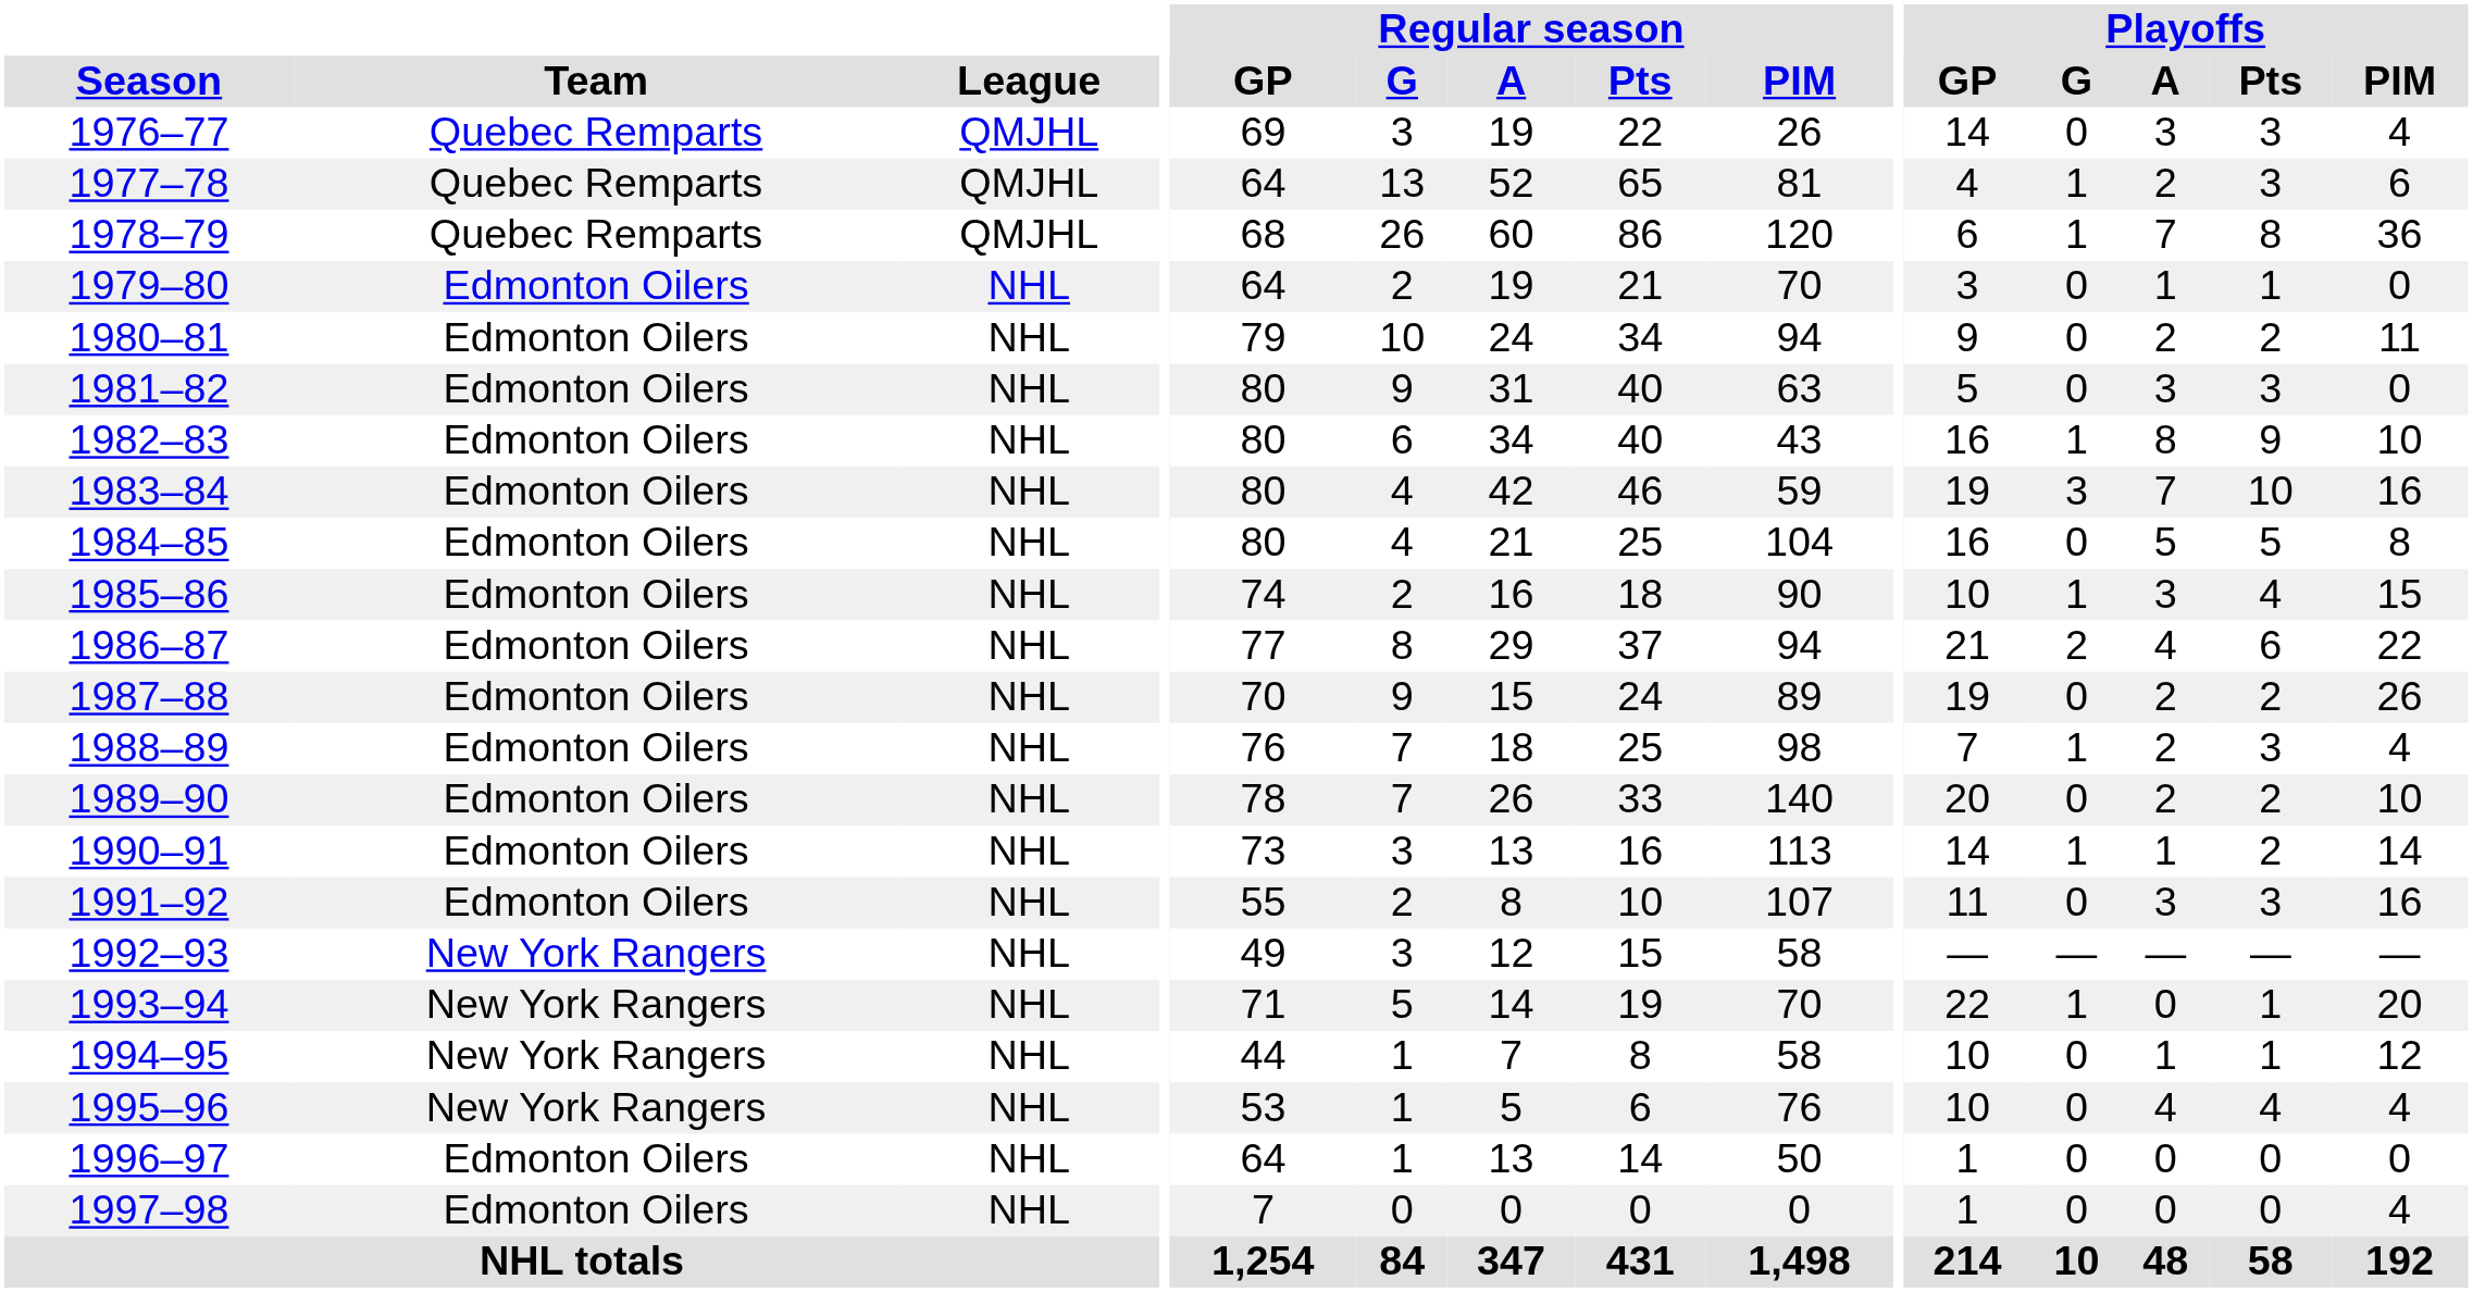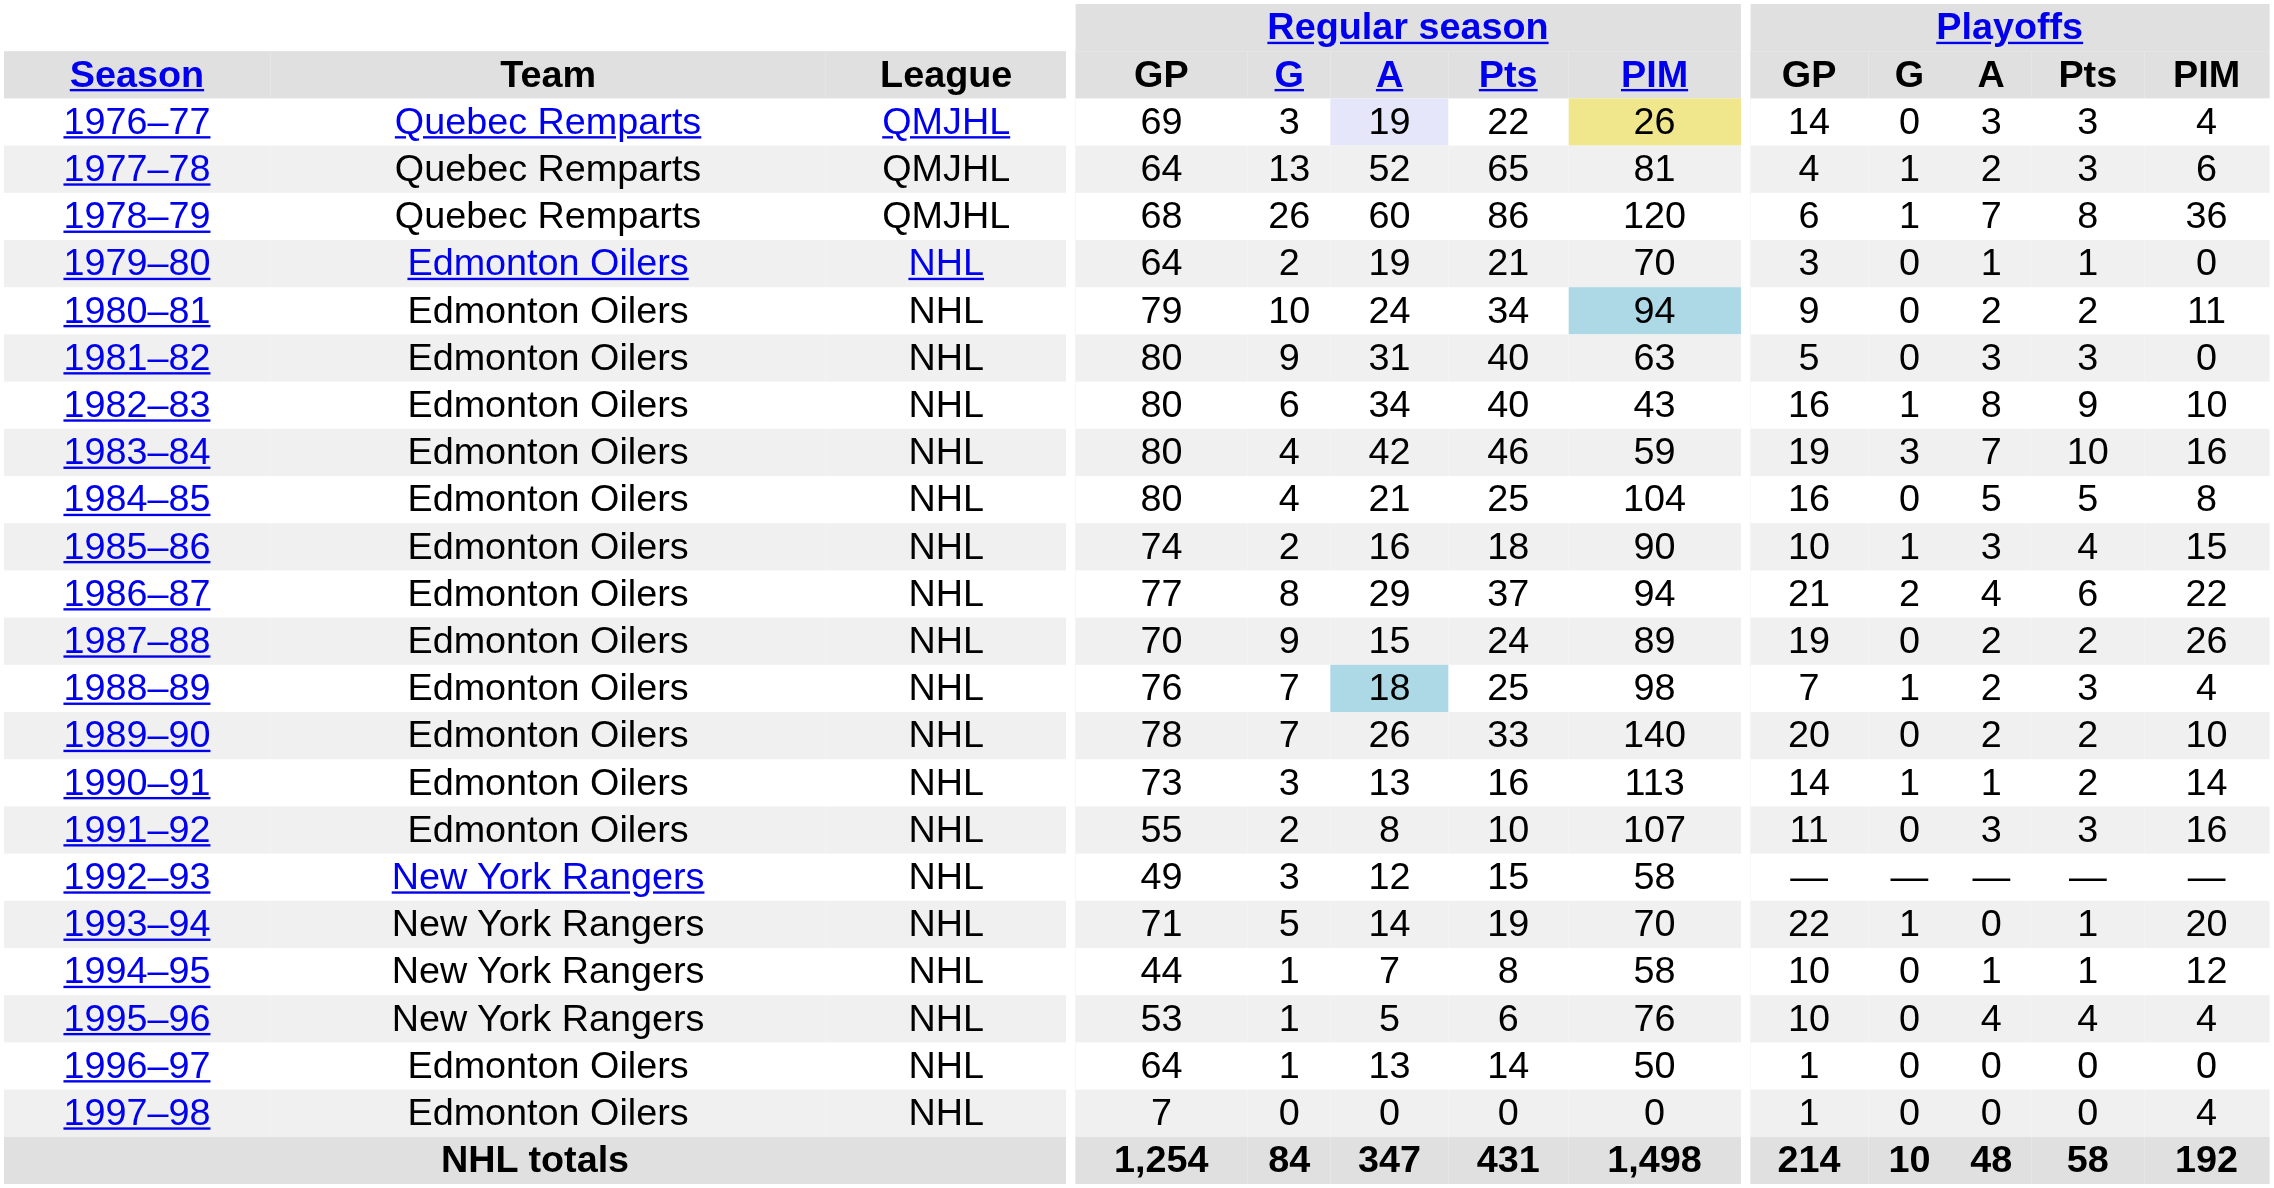 <table border="0" cellpadding="1" cellspacing="0" style="text-align:center; width:60em">
 <tr bgcolor="#e0e0e0">
 <th colspan="3" bgcolor="#ffffff"></th>
 <th rowspan="100" bgcolor="#ffffff"></th>
 <th colspan="5"><a href='#'>Regular season</a></th>
 <th rowspan="100" bgcolor="#ffffff"></th>
 <th colspan="5"><a href='#'>Playoffs</a></th>
 </tr>
 <tr bgcolor="#e0e0e0">
 <th><a href='#'>Season</a></th>
 <th>Team</th>
 <th>League</th>
 <th>GP</th>
 <th><a href='#'>G</a></th>
 <th><a href='#'>A</a></th>
 <th><a href='#'>Pts</a></th>
 <th><a href='#'>PIM</a></th>
 <th>GP</th>
 <th>G</th>
 <th>A</th>
 <th>Pts</th>
 <th>PIM</th>
 </tr>
 <tr>
 <td><a href='#'>1976–77</a></td>
 <td><a href='#'>Quebec Remparts</a></td>
 <td><a href='#'>QMJHL</a></td>
 <td>69</td>
 <td>3</td>
-<td>19</td>
+<td style="background: lavender;">19</td>
 <td>22</td>
-<td>26</td>
+<td style="background: khaki;">26</td>
 <td>14</td>
 <td>0</td>
 <td>3</td>
 <td>3</td>
 <td>4</td>
 </tr>
 <tr bgcolor="#f0f0f0">
 <td><a href='#'>1977–78</a></td>
 <td>Quebec Remparts</td>
 <td>QMJHL</td>
 <td>64</td>
 <td>13</td>
 <td>52</td>
 <td>65</td>
 <td>81</td>
 <td>4</td>
 <td>1</td>
 <td>2</td>
 <td>3</td>
 <td>6</td>
 </tr>
 <tr>
 <td><a href='#'>1978–79</a></td>
 <td>Quebec Remparts</td>
 <td>QMJHL</td>
 <td>68</td>
 <td>26</td>
 <td>60</td>
 <td>86</td>
 <td>120</td>
 <td>6</td>
 <td>1</td>
 <td>7</td>
 <td>8</td>
 <td>36</td>
 </tr>
 <tr bgcolor="#f0f0f0">
 <td><a href='#'>1979–80</a></td>
 <td><a href='#'>Edmonton Oilers</a></td>
 <td><a href='#'>NHL</a></td>
 <td>64</td>
 <td>2</td>
 <td>19</td>
 <td>21</td>
 <td>70</td>
 <td>3</td>
 <td>0</td>
 <td>1</td>
 <td>1</td>
 <td>0</td>
 </tr>
 <tr>
 <td><a href='#'>1980–81</a></td>
 <td>Edmonton Oilers</td>
 <td>NHL</td>
 <td>79</td>
 <td>10</td>
 <td>24</td>
 <td>34</td>
-<td>94</td>
+<td style="background: lightblue;">94</td>
 <td>9</td>
 <td>0</td>
 <td>2</td>
 <td>2</td>
 <td>11</td>
 </tr>
 <tr bgcolor="#f0f0f0">
 <td><a href='#'>1981–82</a></td>
 <td>Edmonton Oilers</td>
 <td>NHL</td>
 <td>80</td>
 <td>9</td>
 <td>31</td>
 <td>40</td>
 <td>63</td>
 <td>5</td>
 <td>0</td>
 <td>3</td>
 <td>3</td>
 <td>0</td>
 </tr>
 <tr>
 <td><a href='#'>1982–83</a></td>
 <td>Edmonton Oilers</td>
 <td>NHL</td>
 <td>80</td>
 <td>6</td>
 <td>34</td>
 <td>40</td>
 <td>43</td>
 <td>16</td>
 <td>1</td>
 <td>8</td>
 <td>9</td>
 <td>10</td>
 </tr>
 <tr bgcolor="#f0f0f0">
 <td><a href='#'>1983–84</a></td>
 <td>Edmonton Oilers</td>
 <td>NHL</td>
 <td>80</td>
 <td>4</td>
 <td>42</td>
 <td>46</td>
 <td>59</td>
 <td>19</td>
 <td>3</td>
 <td>7</td>
 <td>10</td>
 <td>16</td>
 </tr>
 <tr>
 <td><a href='#'>1984–85</a></td>
 <td>Edmonton Oilers</td>
 <td>NHL</td>
 <td>80</td>
 <td>4</td>
 <td>21</td>
 <td>25</td>
 <td>104</td>
 <td>16</td>
 <td>0</td>
 <td>5</td>
 <td>5</td>
 <td>8</td>
 </tr>
 <tr bgcolor="#f0f0f0">
 <td><a href='#'>1985–86</a></td>
 <td>Edmonton Oilers</td>
 <td>NHL</td>
 <td>74</td>
 <td>2</td>
 <td>16</td>
 <td>18</td>
 <td>90</td>
 <td>10</td>
 <td>1</td>
 <td>3</td>
 <td>4</td>
 <td>15</td>
 </tr>
 <tr>
 <td><a href='#'>1986–87</a></td>
 <td>Edmonton Oilers</td>
 <td>NHL</td>
 <td>77</td>
 <td>8</td>
 <td>29</td>
 <td>37</td>
 <td>94</td>
 <td>21</td>
 <td>2</td>
 <td>4</td>
 <td>6</td>
 <td>22</td>
 </tr>
 <tr bgcolor="#f0f0f0">
 <td><a href='#'>1987–88</a></td>
 <td>Edmonton Oilers</td>
 <td>NHL</td>
 <td>70</td>
 <td>9</td>
 <td>15</td>
 <td>24</td>
 <td>89</td>
 <td>19</td>
 <td>0</td>
 <td>2</td>
 <td>2</td>
 <td>26</td>
 </tr>
 <tr>
 <td><a href='#'>1988–89</a></td>
 <td>Edmonton Oilers</td>
 <td>NHL</td>
 <td>76</td>
 <td>7</td>
-<td>18</td>
+<td style="background: lightblue;">18</td>
 <td>25</td>
 <td>98</td>
 <td>7</td>
 <td>1</td>
 <td>2</td>
 <td>3</td>
 <td>4</td>
 </tr>
 <tr bgcolor="#f0f0f0">
 <td><a href='#'>1989–90</a></td>
 <td>Edmonton Oilers</td>
 <td>NHL</td>
 <td>78</td>
 <td>7</td>
 <td>26</td>
 <td>33</td>
 <td>140</td>
 <td>20</td>
 <td>0</td>
 <td>2</td>
 <td>2</td>
 <td>10</td>
 </tr>
 <tr>
 <td><a href='#'>1990–91</a></td>
 <td>Edmonton Oilers</td>
 <td>NHL</td>
 <td>73</td>
 <td>3</td>
 <td>13</td>
 <td>16</td>
 <td>113</td>
 <td>14</td>
 <td>1</td>
 <td>1</td>
 <td>2</td>
 <td>14</td>
 </tr>
 <tr bgcolor="#f0f0f0">
 <td><a href='#'>1991–92</a></td>
 <td>Edmonton Oilers</td>
 <td>NHL</td>
 <td>55</td>
 <td>2</td>
 <td>8</td>
 <td>10</td>
 <td>107</td>
 <td>11</td>
 <td>0</td>
 <td>3</td>
 <td>3</td>
 <td>16</td>
 </tr>
 <tr>
 <td><a href='#'>1992–93</a></td>
 <td><a href='#'>New York Rangers</a></td>
 <td>NHL</td>
 <td>49</td>
 <td>3</td>
 <td>12</td>
 <td>15</td>
 <td>58</td>
 <td>—</td>
 <td>—</td>
 <td>—</td>
 <td>—</td>
 <td>—</td>
 </tr>
 <tr bgcolor="#f0f0f0">
 <td><a href='#'>1993–94</a></td>
 <td>New York Rangers</td>
 <td>NHL</td>
 <td>71</td>
 <td>5</td>
 <td>14</td>
 <td>19</td>
 <td>70</td>
 <td>22</td>
 <td>1</td>
 <td>0</td>
 <td>1</td>
 <td>20</td>
 </tr>
 <tr>
 <td><a href='#'>1994–95</a></td>
 <td>New York Rangers</td>
 <td>NHL</td>
 <td>44</td>
 <td>1</td>
 <td>7</td>
 <td>8</td>
 <td>58</td>
 <td>10</td>
 <td>0</td>
 <td>1</td>
 <td>1</td>
 <td>12</td>
 </tr>
 <tr bgcolor="#f0f0f0">
 <td><a href='#'>1995–96</a></td>
 <td>New York Rangers</td>
 <td>NHL</td>
 <td>53</td>
 <td>1</td>
 <td>5</td>
 <td>6</td>
 <td>76</td>
 <td>10</td>
 <td>0</td>
 <td>4</td>
 <td>4</td>
 <td>4</td>
 </tr>
 <tr>
 <td><a href='#'>1996–97</a></td>
 <td>Edmonton Oilers</td>
 <td>NHL</td>
 <td>64</td>
 <td>1</td>
 <td>13</td>
 <td>14</td>
 <td>50</td>
 <td>1</td>
 <td>0</td>
 <td>0</td>
 <td>0</td>
 <td>0</td>
 </tr>
 <tr bgcolor="#f0f0f0">
 <td><a href='#'>1997–98</a></td>
 <td>Edmonton Oilers</td>
 <td>NHL</td>
 <td>7</td>
 <td>0</td>
 <td>0</td>
 <td>0</td>
 <td>0</td>
 <td>1</td>
 <td>0</td>
 <td>0</td>
 <td>0</td>
 <td>4</td>
 </tr>
 <tr bgcolor="#e0e0e0">
 <th colspan="3">NHL totals</th>
 <th>1,254</th>
 <th>84</th>
 <th>347</th>
 <th>431</th>
 <th>1,498</th>
 <th>214</th>
 <th>10</th>
 <th>48</th>
 <th>58</th>
 <th>192</th>
 </tr>
 </table>
